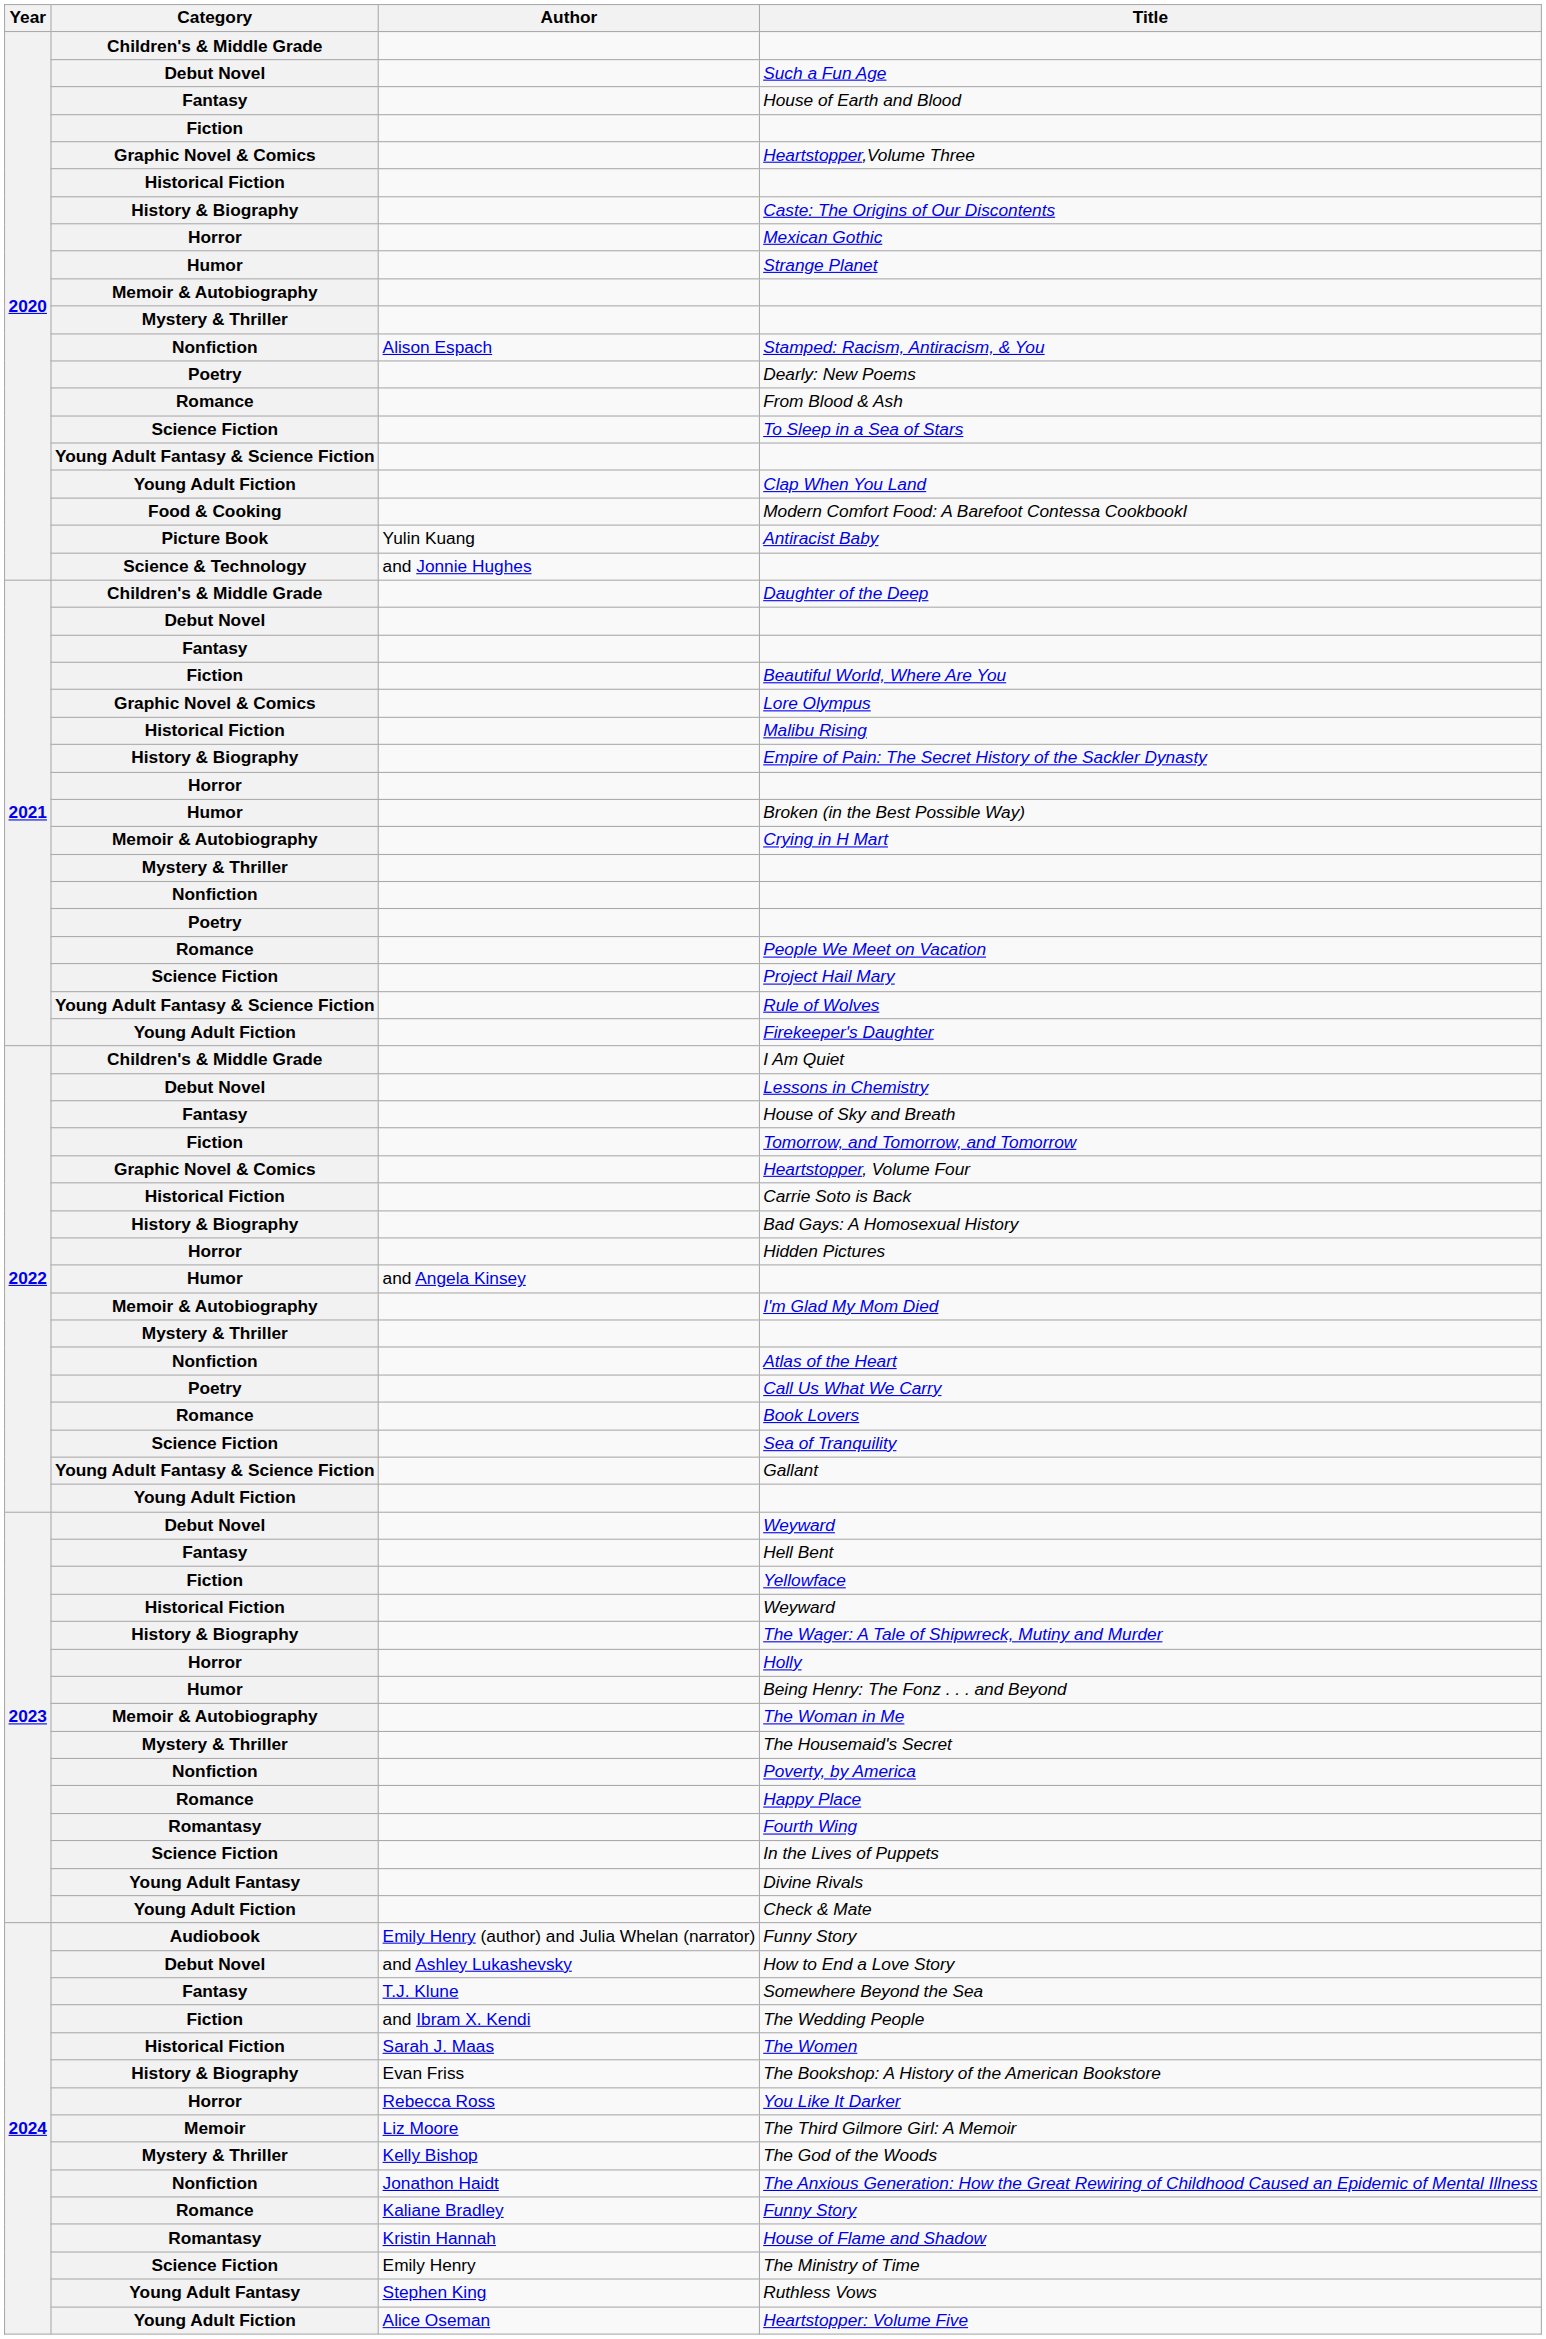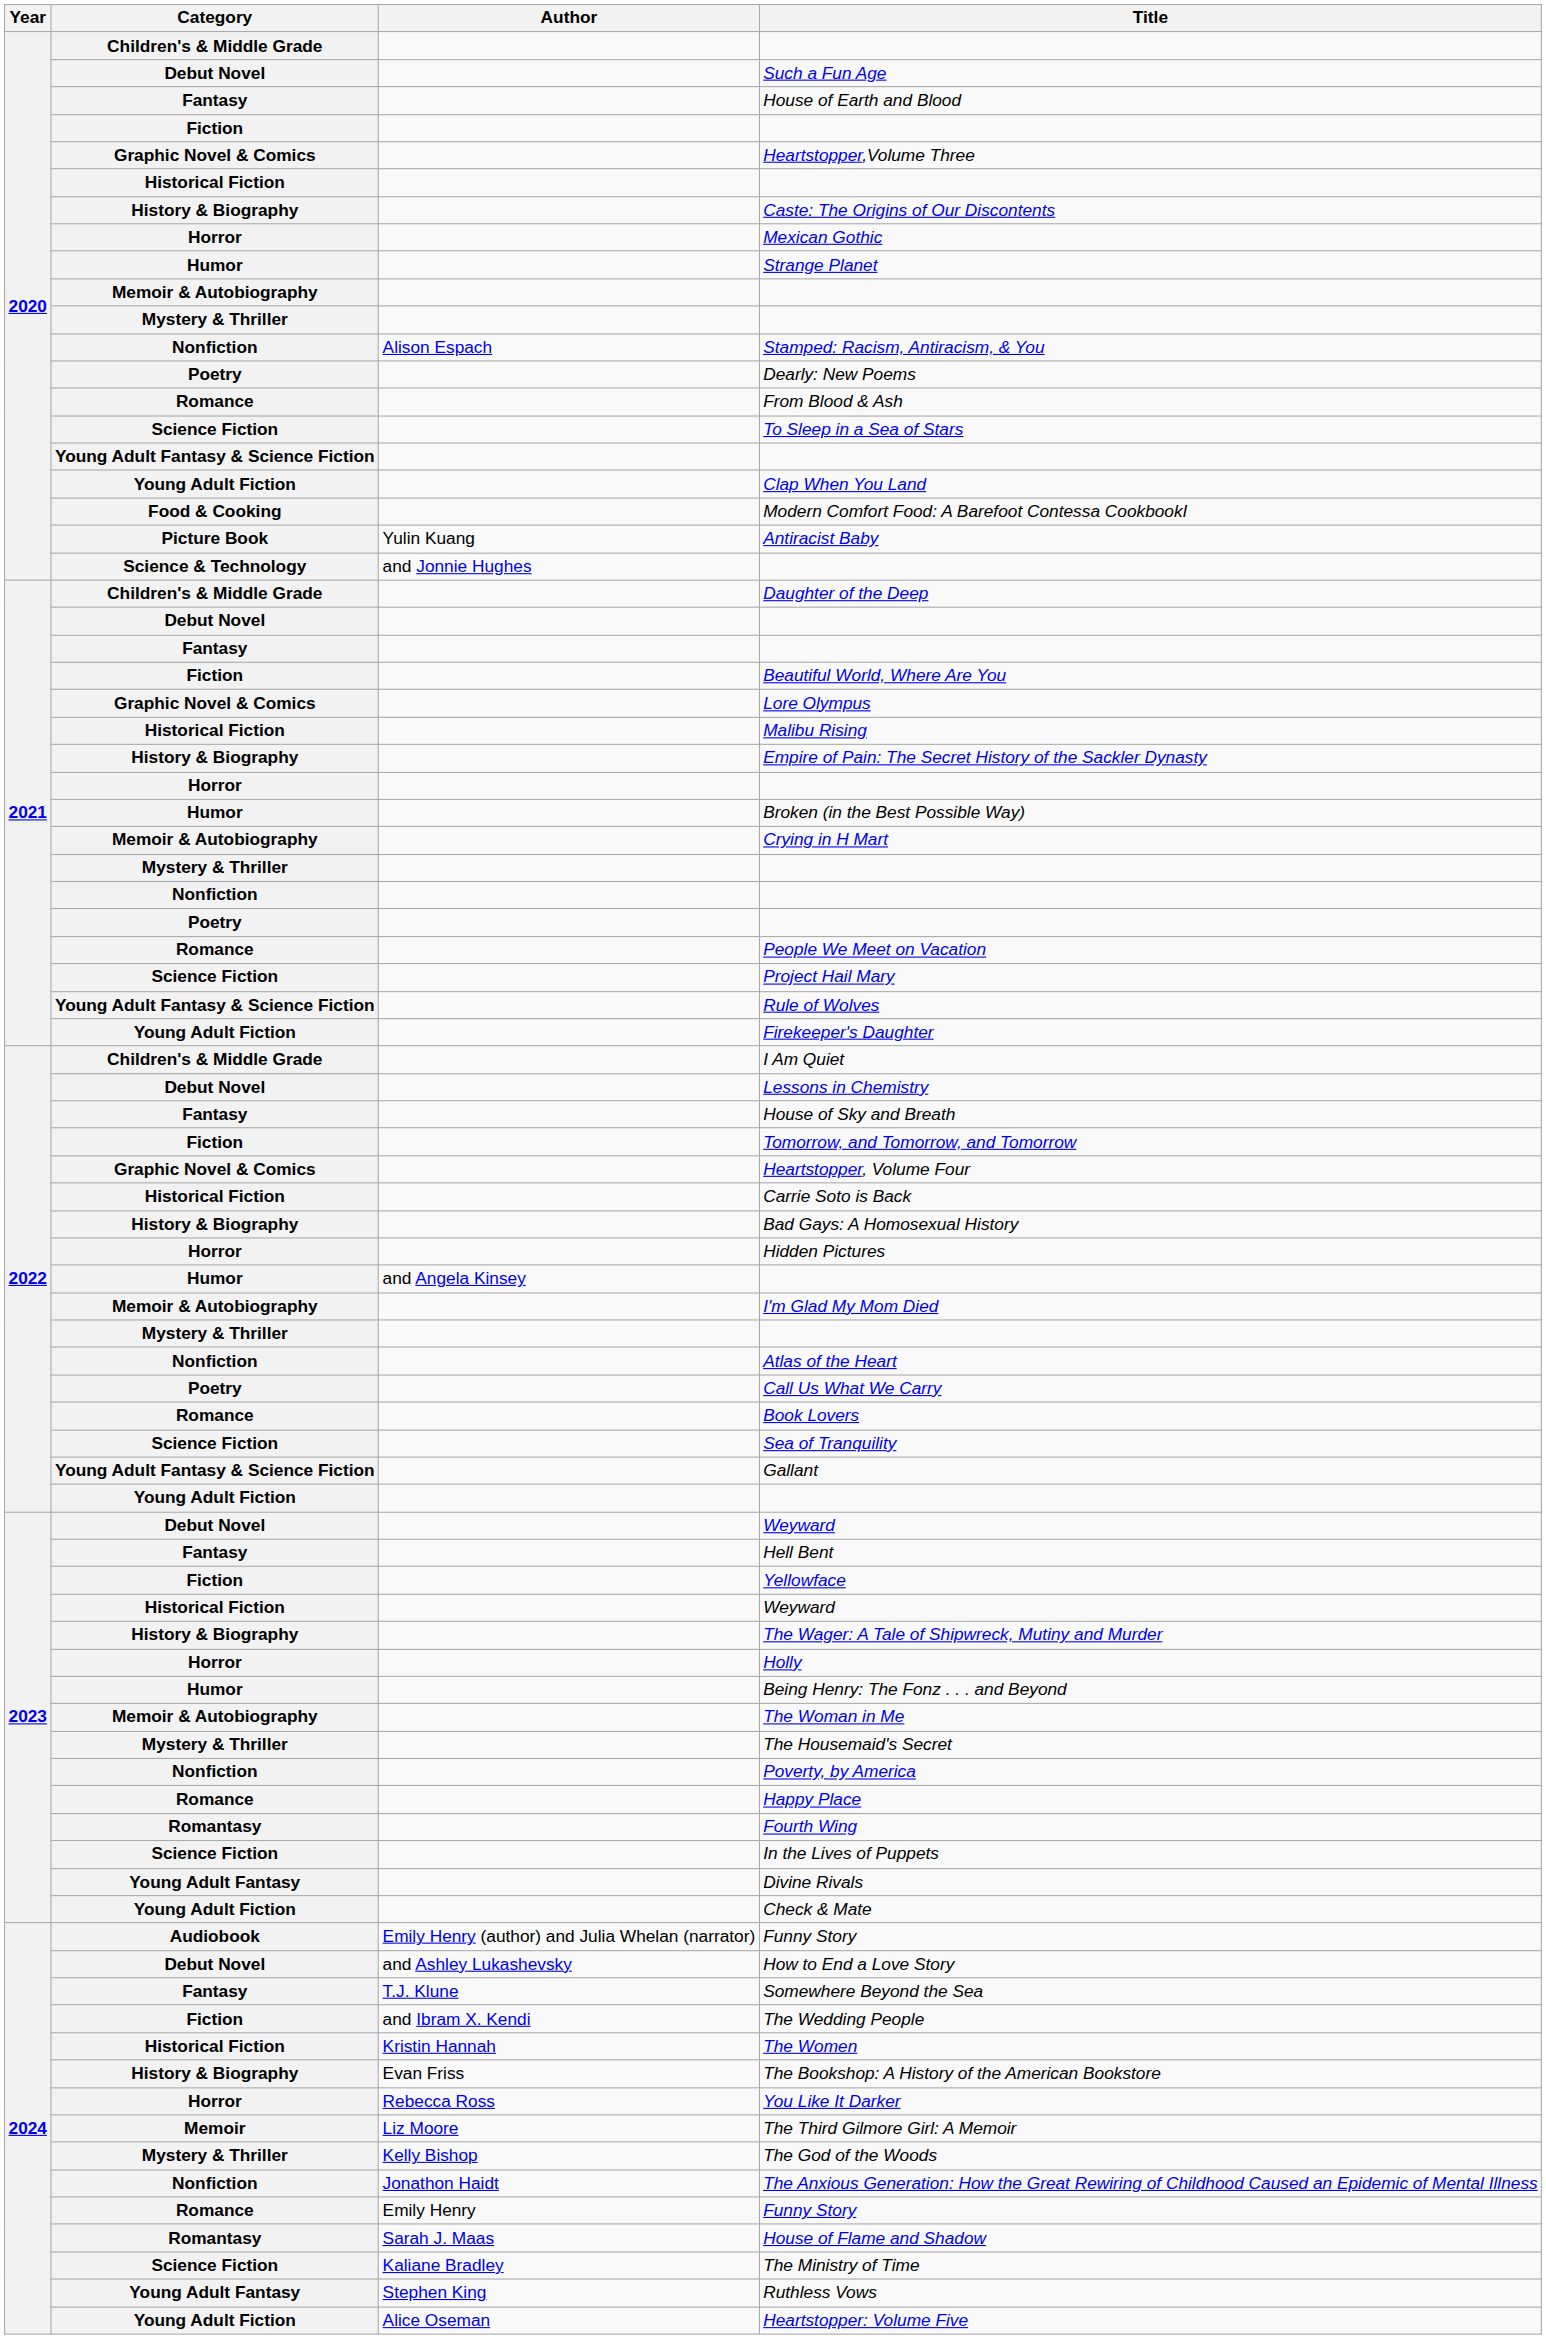 <table class="wikitable sortable">
 <tr>
 <th>Year</th>
 <th>Category</th>
 <th>Author</th>
 <th>Title</th>
 </tr>
 <tr>
 <th rowspan="20"><a href='#'>2020</a></th>
 <th>Children's & Middle Grade</th>
 <td></td>
 <td><em></em></td>
 </tr>
 <tr>
 <th>Debut Novel</th>
 <td></td>
 <td><em><a href='#'>Such a Fun Age</a></em></td>
 </tr>
 <tr>
 <th>Fantasy</th>
 <td></td>
 <td><em>House of Earth and Blood</em></td>
 </tr>
 <tr>
 <th>Fiction</th>
 <td></td>
 <td><em></em></td>
 </tr>
 <tr>
 <th>Graphic Novel & Comics</th>
 <td></td>
 <td><em><a href='#'>Heartstopper</a>,Volume Three</em></td>
 </tr>
 <tr>
 <th>Historical Fiction</th>
 <td></td>
 <td><em></em></td>
 </tr>
 <tr>
 <th>History & Biography</th>
 <td></td>
 <td><em><a href='#'>Caste: The Origins of Our Discontents</a></em></td>
 </tr>
 <tr>
 <th>Horror</th>
 <td></td>
 <td><em><a href='#'>Mexican Gothic</a></em></td>
 </tr>
 <tr>
 <th>Humor</th>
 <td></td>
 <td><em><a href='#'>Strange Planet</a></em></td>
 </tr>
 <tr>
 <th>Memoir & Autobiography</th>
 <td></td>
 <td><em></em></td>
 </tr>
 <tr>
 <th>Mystery & Thriller</th>
 <td></td>
 <td><em></em></td>
 </tr>
 <tr>
 <th>Nonfiction</th>
 <td><a href='#'>Alison Espach</a></td>
 <td><em><a href='#'>Stamped: Racism, Antiracism, & You</a></em></td>
 </tr>
 <tr>
 <th>Poetry</th>
 <td></td>
 <td><em>Dearly: New Poems</em></td>
 </tr>
 <tr>
 <th>Romance</th>
 <td></td>
 <td><em>From Blood & Ash</em></td>
 </tr>
 <tr>
 <th>Science Fiction</th>
 <td></td>
 <td><em><a href='#'>To Sleep in a Sea of Stars</a></em></td>
 </tr>
 <tr>
 <th>Young Adult Fantasy & Science Fiction</th>
 <td></td>
 <td><em></em></td>
 </tr>
 <tr>
 <th>Young Adult Fiction</th>
 <td></td>
 <td><em><a href='#'>Clap When You Land</a></em></td>
 </tr>
 <tr>
 <th>Food & Cooking</th>
 <td></td>
 <td><em>Modern Comfort Food: A Barefoot Contessa CookbookI</em></td>
 </tr>
 <tr>
 <th>Picture Book</th>
 <td>Yulin Kuang</td>
 <td><em><a href='#'>Antiracist Baby</a></em></td>
 </tr>
 <tr>
 <th>Science & Technology</th>
 <td> and <a href='#'>Jonnie Hughes</a></td>
 <td><em></em></td>
 </tr>
 <tr>
 <th rowspan="17"><a href='#'>2021</a></th>
 <th>Children's & Middle Grade</th>
 <td></td>
 <td><em><a href='#'>Daughter of the Deep</a></em></td>
 </tr>
 <tr>
 <th>Debut Novel</th>
 <td></td>
 <td><em></em></td>
 </tr>
 <tr>
 <th>Fantasy</th>
 <td></td>
 <td><em></em></td>
 </tr>
 <tr>
 <th>Fiction</th>
 <td></td>
 <td><em><a href='#'>Beautiful World, Where Are You</a></em></td>
 </tr>
 <tr>
 <th>Graphic Novel & Comics</th>
 <td></td>
 <td><em><a href='#'>Lore Olympus</a></em></td>
 </tr>
 <tr>
 <th>Historical Fiction</th>
 <td></td>
 <td><em><a href='#'>Malibu Rising</a></em></td>
 </tr>
 <tr>
 <th>History & Biography</th>
 <td></td>
 <td><em><a href='#'>Empire of Pain: The Secret History of the Sackler Dynasty</a></em></td>
 </tr>
 <tr>
 <th>Horror</th>
 <td></td>
 <td><em></em></td>
 </tr>
 <tr>
 <th>Humor</th>
 <td></td>
 <td><em>Broken (in the Best Possible Way)</em></td>
 </tr>
 <tr>
 <th>Memoir & Autobiography</th>
 <td></td>
 <td><em><a href='#'>Crying in H Mart</a></em></td>
 </tr>
 <tr>
 <th>Mystery & Thriller</th>
 <td></td>
 <td><em></em></td>
 </tr>
 <tr>
 <th>Nonfiction</th>
 <td></td>
 <td><em></em></td>
 </tr>
 <tr>
 <th>Poetry</th>
 <td></td>
 <td><em></em></td>
 </tr>
 <tr>
 <th>Romance</th>
 <td></td>
 <td><em><a href='#'>People We Meet on Vacation</a></em></td>
 </tr>
 <tr>
 <th>Science Fiction</th>
 <td></td>
 <td><em><a href='#'>Project Hail Mary</a></em></td>
 </tr>
 <tr>
 <th>Young Adult Fantasy & Science Fiction</th>
 <td></td>
 <td><em><a href='#'>Rule of Wolves</a></em></td>
 </tr>
 <tr>
 <th>Young Adult Fiction</th>
 <td></td>
 <td><em><a href='#'>Firekeeper's Daughter</a></em></td>
 </tr>
 <tr>
 <th rowspan="17"><a href='#'>2022</a></th>
 <th>Children's & Middle Grade</th>
 <td></td>
 <td><em>I Am Quiet</em></td>
 </tr>
 <tr>
 <th>Debut Novel</th>
 <td></td>
 <td><em><a href='#'>Lessons in Chemistry</a></em></td>
 </tr>
 <tr>
 <th>Fantasy</th>
 <td></td>
 <td><em>House of Sky and Breath</em></td>
 </tr>
 <tr>
 <th>Fiction</th>
 <td></td>
 <td><em><a href='#'>Tomorrow, and Tomorrow, and Tomorrow</a></em></td>
 </tr>
 <tr>
 <th>Graphic Novel & Comics</th>
 <td></td>
 <td><em><a href='#'>Heartstopper</a>, Volume Four</em></td>
 </tr>
 <tr>
 <th>Historical Fiction</th>
 <td></td>
 <td><em>Carrie Soto is Back</em></td>
 </tr>
 <tr>
 <th>History & Biography</th>
 <td></td>
 <td><em>Bad Gays: A Homosexual History</em></td>
 </tr>
 <tr>
 <th>Horror</th>
 <td></td>
 <td><em>Hidden Pictures</em></td>
 </tr>
 <tr>
 <th>Humor</th>
 <td> and <a href='#'>Angela Kinsey</a></td>
 <td><em></em></td>
 </tr>
 <tr>
 <th>Memoir & Autobiography</th>
 <td></td>
 <td><em><a href='#'>I'm Glad My Mom Died</a></em></td>
 </tr>
 <tr>
 <th>Mystery & Thriller</th>
 <td></td>
 <td><em></em></td>
 </tr>
 <tr>
 <th>Nonfiction</th>
 <td></td>
 <td><em><a href='#'>Atlas of the Heart</a></em></td>
 </tr>
 <tr>
 <th>Poetry</th>
 <td></td>
 <td><em><a href='#'>Call Us What We Carry</a></em></td>
 </tr>
 <tr>
 <th>Romance</th>
 <td></td>
 <td><em><a href='#'>Book Lovers</a></em></td>
 </tr>
 <tr>
 <th>Science Fiction</th>
 <td></td>
 <td><em><a href='#'>Sea of Tranquility</a></em></td>
 </tr>
 <tr>
 <th>Young Adult Fantasy & Science Fiction</th>
 <td></td>
 <td><em>Gallant</em></td>
 </tr>
 <tr>
 <th>Young Adult Fiction</th>
 <td></td>
 <td><em></em></td>
 </tr>
 <tr>
 <th rowspan="15"><a href='#'>2023</a></th>
 <th>Debut Novel</th>
 <td></td>
 <td><em><a href='#'>Weyward</a></em></td>
 </tr>
 <tr>
 <th>Fantasy</th>
 <td></td>
 <td><em>Hell Bent</em></td>
 </tr>
 <tr>
 <th>Fiction</th>
 <td></td>
 <td><em><a href='#'>Yellowface</a></em></td>
 </tr>
 <tr>
 <th>Historical Fiction</th>
 <td></td>
 <td><em>Weyward</em></td>
 </tr>
 <tr>
 <th>History & Biography</th>
 <td></td>
 <td><em><a href='#'>The Wager: A Tale of Shipwreck, Mutiny and Murder</a></em></td>
 </tr>
 <tr>
 <th>Horror</th>
 <td></td>
 <td><em><a href='#'>Holly</a></em></td>
 </tr>
 <tr>
 <th>Humor</th>
 <td></td>
 <td><em>Being Henry: The Fonz . . . and Beyond</em></td>
 </tr>
 <tr>
 <th>Memoir & Autobiography</th>
 <td></td>
 <td><em><a href='#'> The Woman in Me</a></em></td>
 </tr>
 <tr>
 <th>Mystery & Thriller</th>
 <td></td>
 <td><em>The Housemaid's Secret</em></td>
 </tr>
 <tr>
 <th>Nonfiction</th>
 <td></td>
 <td><em><a href='#'>Poverty, by America</a></em></td>
 </tr>
 <tr>
 <th>Romance</th>
 <td></td>
 <td><em><a href='#'>Happy Place</a></em></td>
 </tr>
 <tr>
 <th>Romantasy</th>
 <td></td>
 <td><em><a href='#'>Fourth Wing</a></em></td>
 </tr>
 <tr>
 <th>Science Fiction</th>
 <td></td>
 <td><em>In the Lives of Puppets</em></td>
 </tr>
 <tr>
 <th>Young Adult Fantasy</th>
 <td></td>
 <td><em>Divine Rivals</em></td>
 </tr>
 <tr>
 <th>Young Adult Fiction</th>
 <td></td>
 <td><em>Check & Mate</em></td>
 </tr>
 <tr>
 <th rowspan="15"><a href='#'>2024</a></th>
 <th>Audiobook</th>
 <td><a href='#'>Emily Henry</a> (author) and Julia Whelan (narrator)</td>
 <td><em>Funny Story</em></td>
 </tr>
 <tr>
 <th>Debut Novel</th>
 <td> and <a href='#'>Ashley Lukashevsky</a></td>
 <td><em>How to End a Love Story</em></td>
 </tr>
 <tr>
 <th>Fantasy</th>
 <td><a href='#'>T.J. Klune</a></td>
 <td><em>Somewhere Beyond the Sea</em></td>
 </tr>
 <tr>
 <th>Fiction</th>
 <td> and <a href='#'>Ibram X. Kendi</a></td>
 <td><em>The Wedding People</em></td>
 </tr>
 <tr>
 <th>Historical Fiction</th>
-<td><a href='#'>Sarah J. Maas</a></td>
+<td><a href='#'>Kristin Hannah</a></td>
 <td><em><a href='#'>The Women</a></em></td>
 </tr>
 <tr>
 <th>History & Biography</th>
 <td>Evan Friss</td>
 <td><em>The Bookshop: A History of the American Bookstore</em></td>
 </tr>
 <tr>
 <th>Horror</th>
 <td><a href='#'>Rebecca Ross</a></td>
 <td><em><a href='#'>You Like It Darker</a></em></td>
 </tr>
 <tr>
 <th>Memoir</th>
 <td><a href='#'>Liz Moore</a></td>
 <td><em>The Third Gilmore Girl: A Memoir</em></td>
 </tr>
 <tr>
 <th>Mystery & Thriller</th>
 <td><a href='#'>Kelly Bishop</a></td>
 <td><em>The God of the Woods</em></td>
 </tr>
 <tr>
 <th>Nonfiction</th>
 <td><a href='#'>Jonathon Haidt</a></td>
 <td><em><a href='#'>The Anxious Generation: How the Great Rewiring of Childhood Caused an Epidemic of Mental Illness</a></em></td>
 </tr>
 <tr>
 <th>Romance</th>
-<td><a href='#'>Kaliane Bradley</a></td>
+<td>Emily Henry</td>
 <td><em><a href='#'>Funny Story</a></em></td>
 </tr>
 <tr>
 <th>Romantasy</th>
-<td><a href='#'>Kristin Hannah</a></td>
+<td><a href='#'>Sarah J. Maas</a></td>
 <td><em><a href='#'>House of Flame and Shadow</a></em></td>
 </tr>
 <tr>
 <th>Science Fiction</th>
-<td>Emily Henry</td>
+<td><a href='#'>Kaliane Bradley</a></td>
 <td><em>The Ministry of Time</em></td>
 </tr>
 <tr>
 <th>Young Adult Fantasy</th>
 <td><a href='#'>Stephen King</a></td>
 <td><em>Ruthless Vows</em></td>
 </tr>
 <tr>
 <th>Young Adult Fiction</th>
 <td><a href='#'>Alice Oseman</a></td>
 <td><em><a href='#'>Heartstopper: Volume Five</a></em></td>
 </tr>
 </table>
